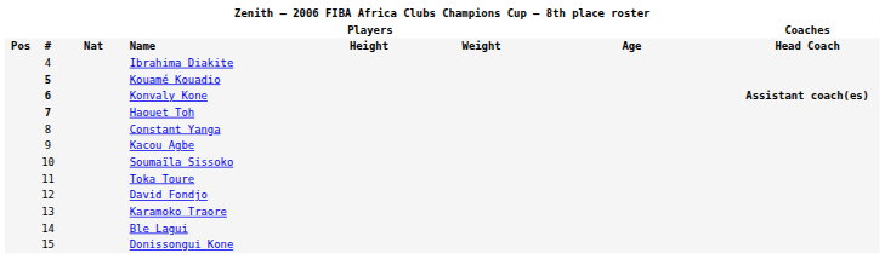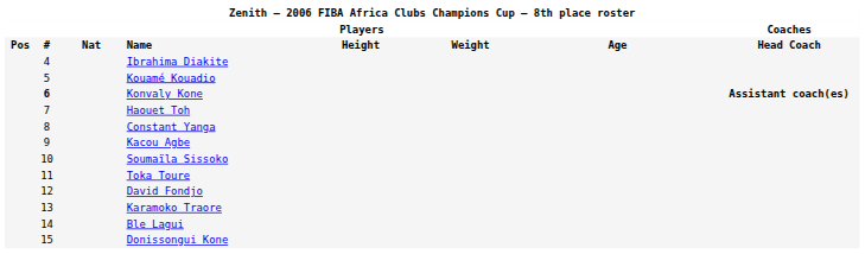 <table border=0 cellpadding=2 cellspacing=0  |- bgcolor=#f5f5f5 style="text-align:center; font-size:90%;" width=75%>
 <tr>
 <td colspan="8" style="background: white; color: black"><strong>Zenith – 2006 FIBA Africa Clubs Champions Cup – 8th place roster</strong></td>
 </tr>
 <tr>
 <td colspan="7" style="background: white; color: black"><strong>Players</strong></td>
 <td style="background: white; color: black"><strong>Coaches</strong></td>
 </tr>
 <tr style="background=#f5f5f5; color: black">
 <th width=5px>Pos</th>
 <th width=5px>#</th>
 <th width=50px>Nat</th>
 <th width=135px align=left>Name</th>
 <th width=100px>Height</th>
 <th width=70px>Weight</th>
 <th width=160px>Age</th>
 <th width=110px>Head Coach</th>
 </tr>
 <tr>
 <td></td>
 <td>4</td>
 <td></td>
 <td align=left><a href='#'>Ibrahima Diakite</a></td>
 <td></td>
 <td></td>
 <td><span></span></td>
 <td></td>
 </tr>
 <tr>
 <td></td>
-<td><strong>5</strong></td>
+<td>5</td>
 <td></td>
 <td align=left><a href='#'>Kouamé Kouadio</a></td>
 <td></td>
 <td></td>
 <td><span></span></td>
 </tr>
 <tr>
 <td></td>
 <td><strong>6</strong></td>
 <td></td>
 <td align=left><a href='#'>Konvaly Kone</a></td>
 <td></td>
 <td></td>
 <td><span></span></td>
 <td><strong>Assistant coach(es)</strong></td>
 </tr>
 <tr>
 <td></td>
-<td><strong>7</strong></td>
+<td>7</td>
 <td></td>
 <td align=left><a href='#'>Haouet Toh</a></td>
 <td></td>
 <td></td>
 <td><span></span></td>
 </tr>
 <tr>
 <td></td>
 <td>8</td>
 <td></td>
 <td align=left><a href='#'>Constant Yanga</a></td>
 <td></td>
 <td></td>
 <td><span></span></td>
 </tr>
 <tr>
 <td></td>
 <td>9</td>
 <td></td>
 <td align=left><a href='#'>Kacou Agbe</a></td>
 <td></td>
 <td></td>
 <td><span></span></td>
 </tr>
 <tr>
 <td></td>
 <td>10</td>
 <td></td>
 <td align=left><a href='#'>Soumaïla Sissoko</a></td>
 <td></td>
 <td></td>
 <td><span></span></td>
 </tr>
 <tr>
 <td></td>
 <td>11</td>
 <td></td>
 <td align=left><a href='#'>Toka Toure</a></td>
 <td></td>
 <td></td>
 <td><span></span></td>
 </tr>
 <tr>
 <td></td>
 <td>12</td>
 <td></td>
 <td align=left><a href='#'>David Fondjo</a></td>
 <td></td>
 <td></td>
 <td><span></span></td>
 <td></td>
 </tr>
 <tr>
 <td></td>
 <td>13</td>
 <td></td>
 <td align=left><a href='#'>Karamoko Traore</a></td>
 <td></td>
 <td></td>
 <td><span></span></td>
 <td></td>
 </tr>
 <tr>
 <td></td>
 <td>14</td>
 <td></td>
 <td align=left><a href='#'>Ble Lagui</a></td>
 <td></td>
 <td></td>
 <td><span></span></td>
 <td></td>
 </tr>
 <tr>
 <td></td>
 <td>15</td>
 <td></td>
 <td align=left><a href='#'>Donissongui Kone</a></td>
 <td></td>
 <td></td>
 <td><span></span></td>
 </tr>
 </table>
